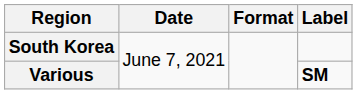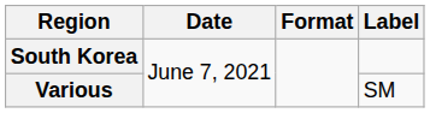 <table class="wikitable plainrowheaders">
 <tr>
 <th scope="col">Region</th>
 <th scope="col">Date</th>
 <th scope="col">Format</th>
 <th scope="col">Label</th>
 </tr>
 <tr>
 <th scope="row">South Korea</th>
 <td rowspan="2">June 7, 2021</td>
 <td rowspan="2"></td>
 <td></td>
 </tr>
 <tr>
 <th scope="row">Various</th>
-<td><strong>SM</strong></td>
+<td>SM</td>
 </tr>
 </table>
